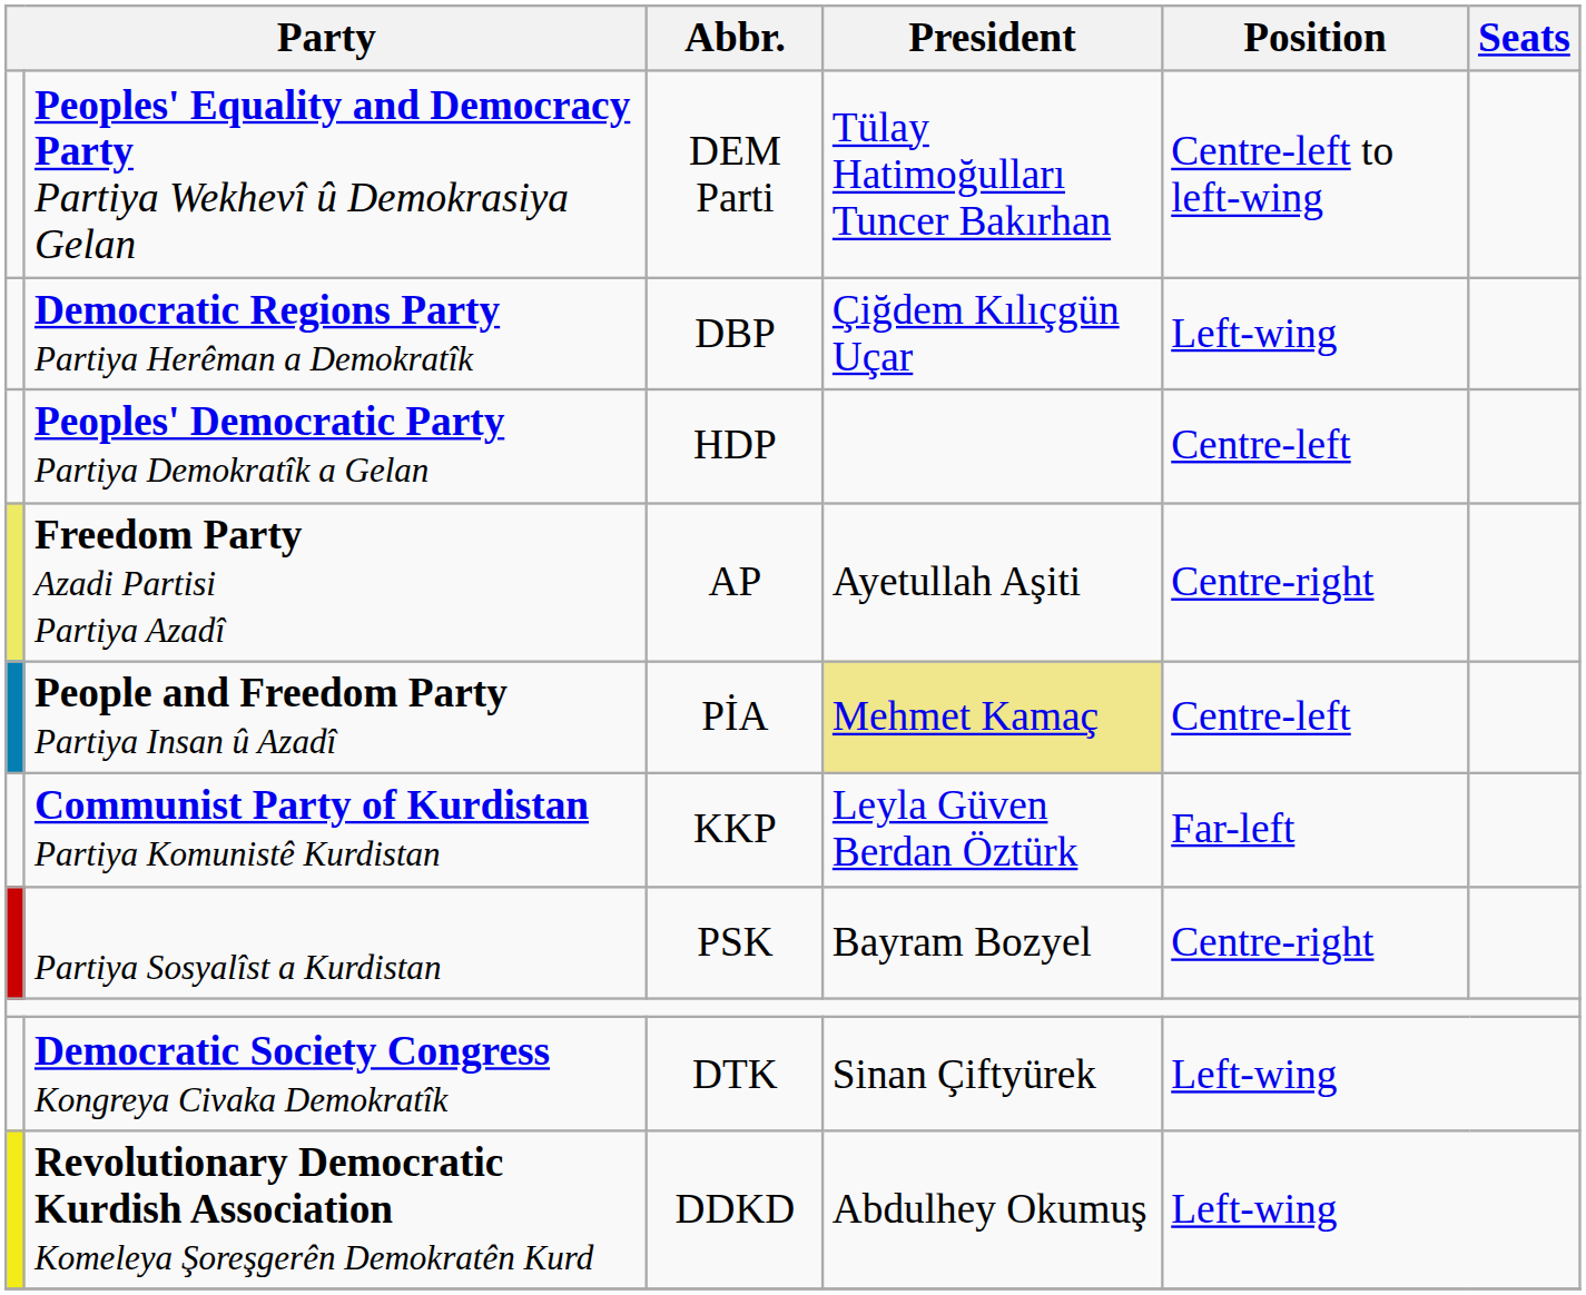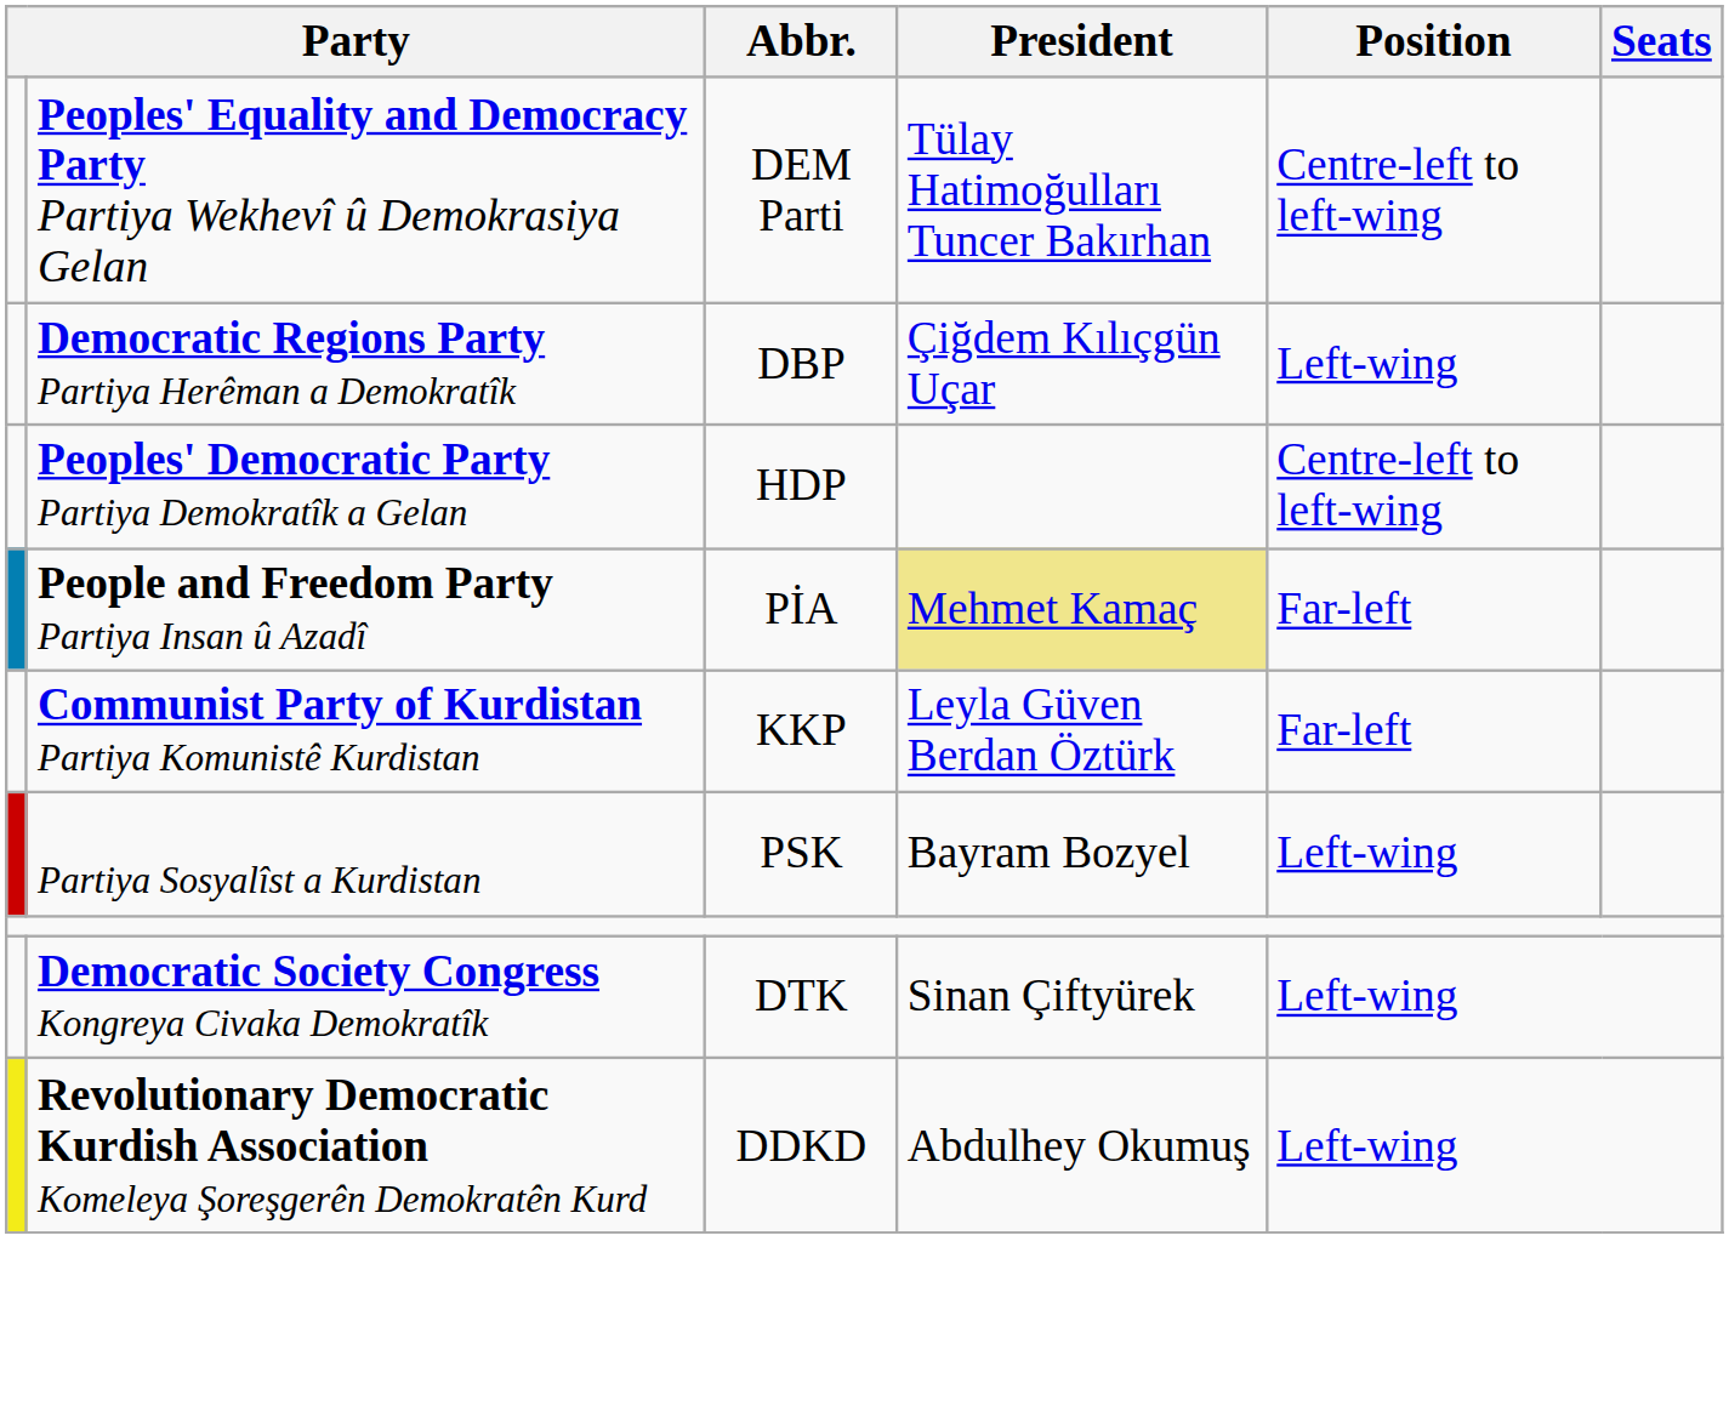 <table class="wikitable" style="font-size:100%">
 <tr>
 <th colspan="2">Party</th>
 <th>Abbr.</th>
 <th>President</th>
 <th>Position</th>
 <th><a href='#'>Seats</a></th>
 </tr>
 <tr>
 <td></td>
 <td><strong><a href='#'>Peoples' Equality and Democracy Party</a></strong><br><em>Partiya Wekhevî û Demokrasiya Gelan</em></td>
 <td style="text-align:center">DEM Parti</td>
 <td><a href='#'>Tülay Hatimoğulları</a><br><a href='#'>Tuncer Bakırhan</a></td>
 <td><a href='#'>Centre-left</a> to <a href='#'>left-wing</a></td>
 <td></td>
 </tr>
 <tr>
 <td style="background-color:"></td>
 <td><strong><a href='#'>Democratic Regions Party</a></strong><small><em><br>Partiya Herêman a Demokratîk</em></small></td>
 <td style="text-align:center">DBP</td>
 <td><a href='#'>Çiğdem Kılıçgün Uçar</a><br></td>
 <td><a href='#'>Left-wing</a></td>
 <td></td>
 </tr>
 <tr>
 <td></td>
 <td><a href='#'><strong>Peoples' Democratic Party</strong></a><small><em><br>Partiya Demokratîk a Gelan</em></small></td>
 <td style="text-align:center">HDP</td>
 <td><br></td>
-<td><a href='#'>Centre-left</a></td>
-<td></td>
-</tr>
-<tr>
-<td style="background-color:#EDEA65"></td>
-<td><strong>Freedom Party</strong><br><small><em>Azadi Partisi<br>Partiya Azadî</em></small></td>
-<td style="text-align:center">AP</td>
-<td>Ayetullah Aşiti</td>
-<td><a href='#'>Centre-right</a></td>
+<td><a href='#'>Centre-left</a> to <a href='#'>left-wing</a></td>
 <td></td>
 </tr>
 <tr>
 <td style="background-color: #037FB2"></td>
 <td><strong>People and Freedom Party</strong><small><em><br>Partiya Insan û Azadî</em></small></td>
 <td style="text-align:center">PİA</td>
 <td style="background: khaki;"><a href='#'>Mehmet Kamaç</a></td>
-<td><a href='#'>Centre-left</a></td>
+<td><a href='#'>Far-left</a></td>
 <td></td>
 </tr>
 <tr>
 <td style="background-color:"></td>
 <td><strong><a href='#'>Communist Party of Kurdistan</a></strong><small><em><br>Partiya Komunistê Kurdistan</em></small></td>
 <td style="text-align:center">KKP</td>
 <td><a href='#'>Leyla Güven</a><br><a href='#'>Berdan Öztürk</a></td>
 <td><a href='#'>Far-left</a></td>
 <td></td>
 </tr>
 <tr>
 <td style="background-color:#CA0000"></td>
 <td><strong></strong><small><em><br>Partiya Sosyalîst a Kurdistan</em></small></td>
 <td style="text-align:center">PSK</td>
 <td>Bayram Bozyel</td>
-<td><a href='#'>Centre-right</a></td>
+<td><a href='#'>Left-wing</a></td>
 <td></td>
 </tr>
 <tr>
 <td colspan="6"></td>
 </tr>
 <tr>
 <td style="background-color:"></td>
 <td><strong><a href='#'>Democratic Society Congress</a></strong><small><em><br>Kongreya Civaka Demokratîk</em></small></td>
 <td style="text-align:center">DTK</td>
 <td>Sinan Çiftyürek</td>
 <td colspan="2"><a href='#'>Left-wing</a></td>
 </tr>
 <tr>
 <td style="background-color:#F3EC18"></td>
 <td><strong>Revolutionary Democratic Kurdish Association</strong><small><em><br>Komeleya Şoreşgerên Demokratên Kurd</em></small></td>
 <td style="text-align:center">DDKD</td>
 <td>Abdulhey Okumuş</td>
 <td colspan="2"><a href='#'>Left-wing</a></td>
 </tr>
 <tr>
 </tr>
 </table>
